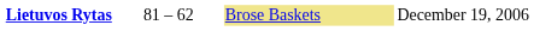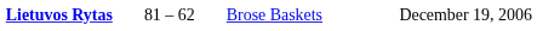 <table style="text-align:center">
 <tr>
 <th width=160></th>
 <th width=100></th>
 <th width=160></th>
 <th width=200></th>
 </tr>
 <tr>
 <td align=right><strong><a href='#'>Lietuvos Rytas</a></strong> </td>
 <td>81 – 62</td>
-<td align=left style="background: khaki;"> <a href='#'>Brose Baskets</a></td>
+<td align=left> <a href='#'>Brose Baskets</a></td>
 <td align=left>December 19, 2006</td>
 </tr>
 </table>
